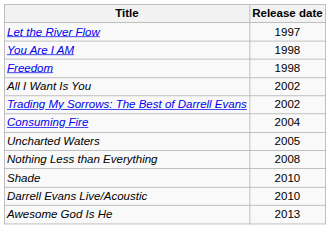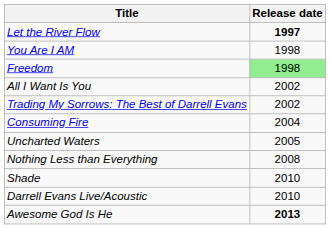 <table class="wikitable">
 <tr>
 <th>Title</th>
 <th>Release date</th>
 </tr>
 <tr>
 <td align="left" valign="top"><em><a href='#'>Let the River Flow</a></em></td>
-<td align="center" valign="top">1997</td>
+<td align="center" valign="top"><strong>1997</strong></td>
 </tr>
 <tr>
 <td align="left" valign="top"><em><a href='#'>You Are I AM</a></em></td>
 <td align="center" valign="top">1998</td>
 </tr>
 <tr>
 <td align="left" valign="top"><em><a href='#'>Freedom</a></em></td>
-<td align="center" valign="top">1998</td>
+<td align="center" valign="top" style="background: lightgreen;">1998</td>
 </tr>
 <tr>
 <td align="left" valign="top"><em>All I Want Is You</em></td>
 <td align="center" valign="top">2002</td>
 </tr>
 <tr>
 <td align="left" valign="top"><em><a href='#'>Trading My Sorrows: The Best of Darrell Evans</a></em></td>
 <td align="center" valign="top">2002</td>
 </tr>
 <tr>
 <td align="left" valign="top"><em><a href='#'>Consuming Fire</a></em></td>
 <td align="center" valign="top">2004</td>
 </tr>
 <tr>
 <td align="left" valign="top"><em>Uncharted Waters</em></td>
 <td align="center" valign="top">2005</td>
 </tr>
 <tr>
 <td align="left" valign="top"><em>Nothing Less than Everything</em></td>
 <td align="center" valign="top">2008</td>
 </tr>
 <tr>
 <td align="left" valign="top"><em>Shade</em></td>
 <td align="center" valign="top">2010</td>
 </tr>
 <tr>
 <td align="left" valign="tope"><em>Darrell Evans Live/Acoustic</em></td>
 <td align="center" valign="top">2010</td>
 </tr>
 <tr>
 <td align="left" valign="tope"><em>Awesome God Is He</em></td>
-<td align="center" valign="top">2013</td>
+<td align="center" valign="top"><strong>2013</strong></td>
 </tr>
 </table>
